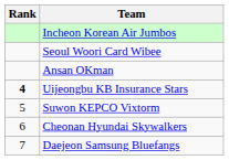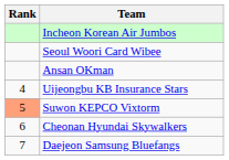 <table class="wikitable" style="text-align: center;">
 <tr>
 <th width=40>Rank</th>
 <th width=240>Team</th>
 </tr>
 <tr bgcolor=#ccffcc>
 <td></td>
 <td align=left><a href='#'>Incheon Korean Air Jumbos</a></td>
 </tr>
 <tr>
 <td></td>
 <td align=left><a href='#'>Seoul Woori Card Wibee</a></td>
 </tr>
 <tr>
 <td></td>
 <td align=left><a href='#'>Ansan OKman</a></td>
 </tr>
 <tr>
-<td><strong>4</strong></td>
+<td>4</td>
 <td align=left><a href='#'>Uijeongbu KB Insurance Stars</a></td>
 </tr>
 <tr>
-<td>5</td>
+<td style="background: lightsalmon;">5</td>
 <td align=left><a href='#'>Suwon KEPCO Vixtorm</a></td>
 </tr>
 <tr>
 <td>6</td>
 <td align=left><a href='#'>Cheonan Hyundai Skywalkers</a></td>
 </tr>
 <tr>
 <td>7</td>
 <td align=left><a href='#'>Daejeon Samsung Bluefangs</a></td>
 </tr>
 </table>
